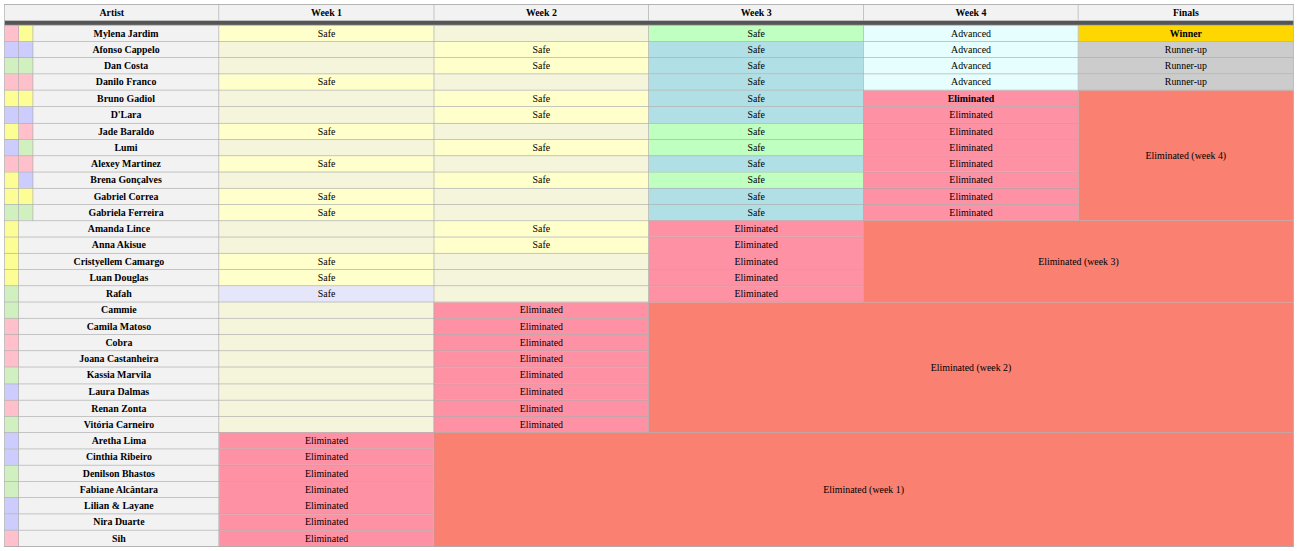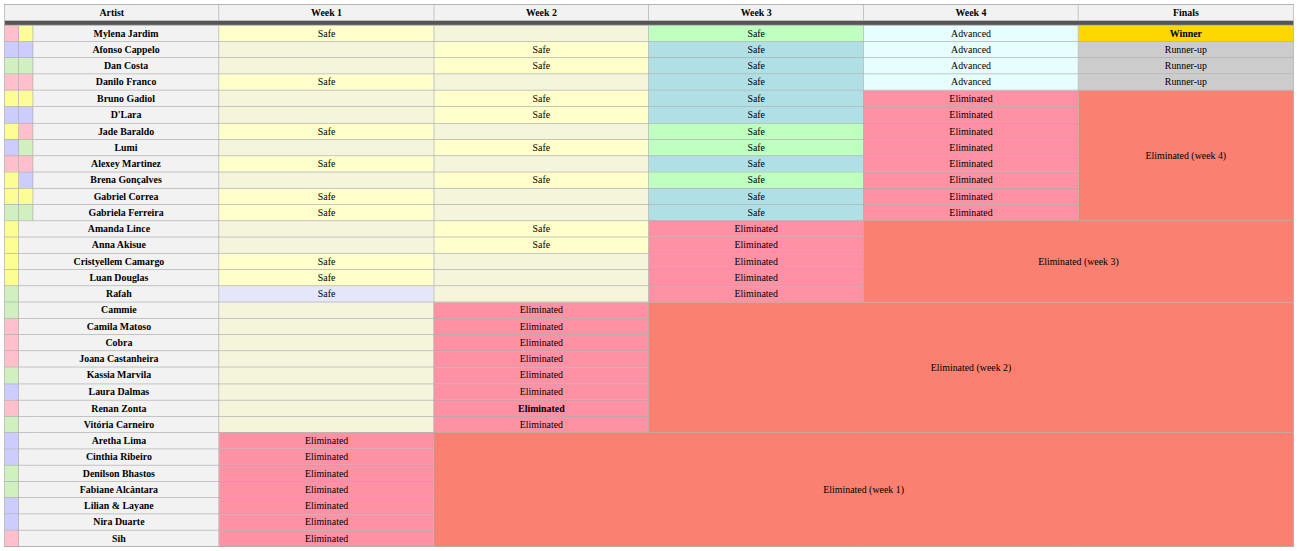 <table class="wikitable" style="text-align:center; font-size:95%; width:100%;">
 <tr>
 </tr>
 <tr>
 <th width="15%" colspan=3>Artist</th>
 <th width="15%">Week 1</th>
 <th width="15%">Week 2</th>
 <th width="15%">Week 3</th>
 <th width="15%">Week 4</th>
 <th width="15%">Finals</th>
 </tr>
 <tr>
 <td colspan=8 style="background:#555555;"></td>
 </tr>
 <tr>
 <td bgcolor="FFC0CB"></td>
 <td bgcolor="FDFD96"></td>
 <th>Mylena Jardim</th>
 <td bgcolor="FFFFCC">Safe</td>
 <td bgcolor="F5F5DC"></td>
 <td bgcolor="BFFFC0">Safe</td>
 <td bgcolor="E7FEFF">Advanced</td>
 <td bgcolor="FFD700"><strong>Winner</strong></td>
 </tr>
 <tr>
 <td width="01%" bgcolor="CCCCFF"></td>
 <td width="01%" bgcolor="CCCCFF"></td>
 <th width="13%">Afonso Cappelo</th>
 <td bgcolor="F5F5DC"></td>
 <td bgcolor="FFFFCC">Safe</td>
 <td bgcolor="B0E0E6">Safe</td>
 <td bgcolor="E7FEFF">Advanced</td>
 <td bgcolor="CCCCCC">Runner-up</td>
 </tr>
 <tr>
 <td bgcolor="D0F0C0"></td>
 <td bgcolor="D0F0C0"></td>
 <th>Dan Costa</th>
 <td bgcolor="F5F5DC"></td>
 <td bgcolor="FFFFCC">Safe</td>
 <td bgcolor="B0E0E6">Safe</td>
 <td bgcolor="E7FEFF">Advanced</td>
 <td bgcolor="CCCCCC">Runner-up</td>
 </tr>
 <tr>
 <td bgcolor="FFC0CB"></td>
 <td bgcolor="FFC0CB"></td>
 <th>Danilo Franco</th>
 <td bgcolor="FFFFCC">Safe</td>
 <td bgcolor="F5F5DC"></td>
 <td bgcolor="B0E0E6">Safe</td>
 <td bgcolor="E7FEFF">Advanced</td>
 <td bgcolor="CCCCCC">Runner-up</td>
 </tr>
 <tr>
 <td bgcolor="FDFD96"></td>
 <td bgcolor="FDFD96"></td>
 <th>Bruno Gadiol</th>
 <td bgcolor="F5F5DC"></td>
 <td bgcolor="FFFFCC">Safe</td>
 <td bgcolor="B0E0E6">Safe</td>
-<td bgcolor="FF91A4"><strong>Eliminated</strong></td>
+<td bgcolor="FF91A4">Eliminated</td>
 <td bgcolor="FA8072" rowspan=8>Eliminated (week 4)</td>
 </tr>
 <tr>
 <td bgcolor="CCCCFF"></td>
 <td bgcolor="CCCCFF"></td>
 <th>D'Lara</th>
 <td bgcolor="F5F5DC"></td>
 <td bgcolor="FFFFCC">Safe</td>
 <td bgcolor="B0E0E6">Safe</td>
 <td bgcolor="FF91A4">Eliminated</td>
 </tr>
 <tr>
 <td bgcolor="FDFD96"></td>
 <td bgcolor="FFC0CB"></td>
 <th>Jade Baraldo</th>
 <td bgcolor="FFFFCC">Safe</td>
 <td bgcolor="F5F5DC"></td>
 <td bgcolor="BFFFC0">Safe</td>
 <td bgcolor="FF91A4">Eliminated</td>
 </tr>
 <tr>
 <td bgcolor="CCCCFF"></td>
 <td bgcolor="D0F0C0"></td>
 <th>Lumi</th>
 <td bgcolor="F5F5DC"></td>
 <td bgcolor="FFFFCC">Safe</td>
 <td bgcolor="BFFFC0">Safe</td>
 <td bgcolor="FF91A4">Eliminated</td>
 </tr>
 <tr>
 <td bgcolor="FFC0CB"></td>
 <td bgcolor="FFC0CB"></td>
 <th>Alexey Martinez</th>
 <td bgcolor="FFFFCC">Safe</td>
 <td bgcolor="F5F5DC"></td>
 <td bgcolor="B0E0E6">Safe</td>
 <td bgcolor="FF91A4">Eliminated</td>
 </tr>
 <tr>
 <td bgcolor="FDFD96"></td>
 <td bgcolor="CCCCFF"></td>
 <th>Brena Gonçalves</th>
 <td bgcolor="F5F5DC"></td>
 <td bgcolor="FFFFCC">Safe</td>
 <td bgcolor="BFFFC0">Safe</td>
 <td bgcolor="FF91A4">Eliminated</td>
 </tr>
 <tr>
 <td bgcolor="FDFD96"></td>
 <td bgcolor="FDFD96"></td>
 <th>Gabriel Correa</th>
 <td bgcolor="FFFFCC">Safe</td>
 <td bgcolor="F5F5DC"></td>
 <td bgcolor="B0E0E6">Safe</td>
 <td bgcolor="FF91A4">Eliminated</td>
 </tr>
 <tr>
 <td bgcolor="D0F0C0"></td>
 <td bgcolor="D0F0C0"></td>
 <th>Gabriela Ferreira</th>
 <td bgcolor="FFFFCC">Safe</td>
 <td bgcolor="F5F5DC"></td>
 <td bgcolor="B0E0E6">Safe</td>
 <td bgcolor="FF91A4">Eliminated</td>
 </tr>
 <tr>
 <td bgcolor="FDFD96"></td>
 <th colspan=2>Amanda Lince</th>
 <td bgcolor="F5F5DC"></td>
 <td bgcolor="FFFFCC">Safe</td>
 <td bgcolor="FF91A4">Eliminated</td>
 <td bgcolor="FA8072" rowspan=5 colspan=2>Eliminated (week 3)</td>
 </tr>
 <tr>
 <td bgcolor="FDFD96"></td>
 <th colspan=2>Anna Akisue</th>
 <td bgcolor="F5F5DC"></td>
 <td bgcolor="FFFFCC">Safe</td>
 <td bgcolor="FF91A4">Eliminated</td>
 </tr>
 <tr>
 <td bgcolor="FDFD96"></td>
 <th colspan=2>Cristyellem Camargo</th>
 <td bgcolor="FFFFCC">Safe</td>
 <td bgcolor="F5F5DC"></td>
 <td bgcolor="FF91A4">Eliminated</td>
 </tr>
 <tr>
 <td bgcolor="FDFD96"></td>
 <th colspan=2>Luan Douglas</th>
 <td bgcolor="FFFFCC">Safe</td>
 <td bgcolor="F5F5DC"></td>
 <td bgcolor="FF91A4">Eliminated</td>
 </tr>
 <tr>
 <td bgcolor="D0F0C0"></td>
 <th colspan=2>Rafah</th>
 <td bgcolor="E6E6FA">Safe</td>
 <td bgcolor="F5F5DC"></td>
 <td bgcolor="FF91A4">Eliminated</td>
 </tr>
 <tr>
 <td bgcolor="D0F0C0"></td>
 <th colspan=2>Cammie</th>
 <td bgcolor="F5F5DC"></td>
 <td bgcolor="FF91A4">Eliminated</td>
 <td bgcolor="FA8072" rowspan=8 colspan=4>Eliminated (week 2)</td>
 </tr>
 <tr>
 <td bgcolor="FFC0CB"></td>
 <th colspan=2>Camila Matoso</th>
 <td bgcolor="F5F5DC"></td>
 <td bgcolor="FF91A4">Eliminated</td>
 </tr>
 <tr>
 <td bgcolor="FFC0CB"></td>
 <th colspan=2>Cobra</th>
 <td bgcolor="F5F5DC"></td>
 <td bgcolor="FF91A4">Eliminated</td>
 </tr>
 <tr>
 <td bgcolor="FFC0CB"></td>
 <th colspan=2>Joana Castanheira</th>
 <td bgcolor="F5F5DC"></td>
 <td bgcolor="FF91A4">Eliminated</td>
 </tr>
 <tr>
 <td bgcolor="D0F0C0"></td>
 <th colspan=2>Kassia Marvila</th>
 <td bgcolor="F5F5DC"></td>
 <td bgcolor="FF91A4">Eliminated</td>
 </tr>
 <tr>
 <td bgcolor="CCCCFF"></td>
 <th colspan=2>Laura Dalmas</th>
 <td bgcolor="F5F5DC"></td>
 <td bgcolor="FF91A4">Eliminated</td>
 </tr>
 <tr>
 <td bgcolor="FFC0CB"></td>
 <th colspan=2>Renan Zonta</th>
 <td bgcolor="F5F5DC"></td>
-<td bgcolor="FF91A4">Eliminated</td>
+<td bgcolor="FF91A4"><strong>Eliminated</strong></td>
 </tr>
 <tr>
 <td bgcolor="D0F0C0"></td>
 <th colspan=2>Vitória Carneiro</th>
 <td bgcolor="F5F5DC"></td>
 <td bgcolor="FF91A4">Eliminated</td>
 </tr>
 <tr>
 <td bgcolor="CCCCFF"></td>
 <th colspan=2>Aretha Lima</th>
 <td bgcolor="FF91A4">Eliminated</td>
 <td bgcolor="FA8072" rowspan=7 colspan=6>Eliminated (week 1)</td>
 </tr>
 <tr>
 <td bgcolor="CCCCFF"></td>
 <th colspan=2>Cinthia Ribeiro</th>
 <td bgcolor="FF91A4">Eliminated</td>
 </tr>
 <tr>
 <td bgcolor="D0F0C0"></td>
 <th colspan=2>Denilson Bhastos</th>
 <td bgcolor="FF91A4">Eliminated</td>
 </tr>
 <tr>
 <td bgcolor="D0F0C0"></td>
 <th colspan=2>Fabiane Alcântara</th>
 <td bgcolor="FF91A4">Eliminated</td>
 </tr>
 <tr>
 <td bgcolor="CCCCFF"></td>
 <th colspan=2>Lilian & Layane</th>
 <td bgcolor="FF91A4">Eliminated</td>
 </tr>
 <tr>
 <td bgcolor="CCCCFF"></td>
 <th colspan=2>Nira Duarte</th>
 <td bgcolor="FF91A4">Eliminated</td>
 </tr>
 <tr>
 <td bgcolor="FFC0CB"></td>
 <th colspan=2>Sih</th>
 <td bgcolor="FF91A4">Eliminated</td>
 </tr>
 <tr>
 </tr>
 </table>
